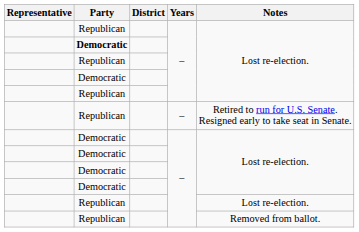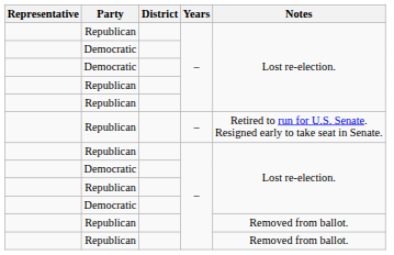 <table class="wikitable sortable" style="text-align:center">
 <tr valign=bottom>
 <th>Representative</th>
 <th>Party</th>
 <th>District</th>
 <th>Years</th>
 <th>Notes</th>
 </tr>
 <tr>
 <td align=left></td>
 <td>Republican</td>
 <td></td>
 <td rowspan="5" nowrap=""> –<br></td>
 <td rowspan="5">Lost re-election.</td>
 </tr>
 <tr>
 <td align=left></td>
-<td><strong>Democratic</strong></td>
+<td>Democratic</td>
+<td></td>
+</tr>
+<tr>
+<td align=left></td>
+<td>Democratic</td>
+<td></td>
+</tr>
+<tr>
+<td align=left></td>
+<td>Republican</td>
+<td></td>
+</tr>
+<tr>
+<td align=left></td>
+<td>Republican</td>
+<td></td>
+</tr>
+<tr>
+<td align=left></td>
+<td>Republican</td>
+<td></td>
+<td nowrap> –<br></td>
+<td>Retired to <a href='#'>run for U.S. Senate</a>.<br>Resigned early to take seat in Senate.</td>
+</tr>
+<tr>
+<td align=left></td>
+<td>Republican</td>
+<td></td>
+<td rowspan="6" nowrap=""> –<br></td>
+<td rowspan="4">Lost re-election.</td>
+</tr>
+<tr>
+<td align=left></td>
+<td>Democratic</td>
 <td></td>
 </tr>
 <tr>
 <td align=left></td>
 <td>Republican</td>
 <td></td>
 </tr>
 <tr>
 <td align=left></td>
 <td>Democratic</td>
 <td></td>
 </tr>
 <tr>
 <td align=left></td>
 <td>Republican</td>
 <td></td>
-</tr>
-<tr>
-<td align=left></td>
-<td>Republican</td>
-<td></td>
-<td nowrap> –<br></td>
-<td>Retired to <a href='#'>run for U.S. Senate</a>.<br>Resigned early to take seat in Senate.</td>
-</tr>
-<tr>
-<td align=left></td>
-<td>Democratic</td>
-<td></td>
-<td rowspan="6" nowrap=""> –<br></td>
-<td rowspan="4">Lost re-election.</td>
-</tr>
-<tr>
-<td align=left></td>
-<td>Democratic</td>
-<td></td>
-</tr>
-<tr>
-<td align=left></td>
-<td>Democratic</td>
-<td></td>
-</tr>
-<tr>
-<td align=left></td>
-<td>Democratic</td>
-<td></td>
-</tr>
-<tr>
-<td align=left></td>
-<td>Republican</td>
-<td></td>
-<td>Lost re-election.</td>
+<td>Removed from ballot.</td>
 </tr>
 <tr>
 <td align=left></td>
 <td>Republican</td>
 <td></td>
 <td>Removed from ballot.</td>
 </tr>
 </table>
